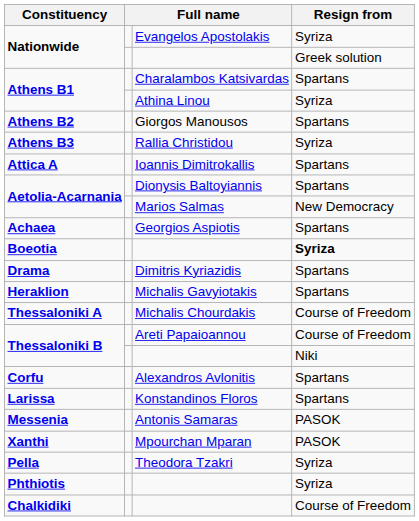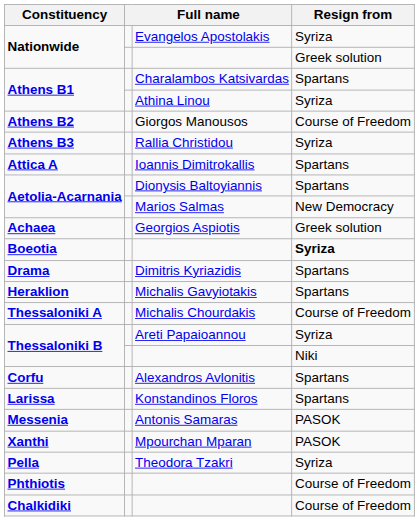 <table class="wikitable sortable">
 <tr>
 <th>Constituency</th>
 <th colspan="2">Full name</th>
 <th>Resign from</th>
 </tr>
 <tr>
 <td rowspan="2"><strong>Nationwide</strong></td>
 <td></td>
 <td><a href='#'>Evangelos Apostolakis</a></td>
 <td>Syriza</td>
 </tr>
 <tr>
 <td></td>
 <td></td>
 <td>Greek solution</td>
 </tr>
 <tr>
 <td rowspan="2"><strong><a href='#'>Athens B1</a></strong></td>
 <td></td>
 <td><a href='#'>Charalambos Katsivardas</a></td>
 <td>Spartans</td>
 </tr>
 <tr>
 <td></td>
 <td><a href='#'>Athina Linou</a></td>
 <td>Syriza</td>
 </tr>
 <tr>
 <td><strong><a href='#'>Athens B2</a></strong></td>
 <td></td>
 <td>Giorgos Manousos</td>
-<td>Spartans</td>
+<td>Course of Freedom</td>
 </tr>
 <tr>
 <td><strong><a href='#'>Athens B3</a></strong></td>
 <td></td>
 <td><a href='#'>Rallia Christidou</a>  </td>
 <td>Syriza</td>
 </tr>
 <tr>
 <td><a href='#'><strong>Attica A</strong></a></td>
 <td></td>
 <td><a href='#'>Ioannis Dimitrokallis</a></td>
 <td>Spartans</td>
 </tr>
 <tr>
 <td rowspan="2"><a href='#'><strong>Aetolia-Acarnania</strong></a></td>
 <td></td>
 <td><a href='#'>Dionysis Baltoyiannis</a></td>
 <td>Spartans</td>
 </tr>
 <tr>
 <td></td>
 <td><a href='#'>Marios Salmas</a></td>
 <td>New Democracy</td>
 </tr>
 <tr>
 <td><a href='#'><strong>Achaea</strong></a></td>
 <td></td>
 <td><a href='#'>Georgios Aspiotis</a></td>
-<td>Spartans</td>
+<td>Greek solution</td>
 </tr>
 <tr>
 <td><a href='#'><strong>Boeotia</strong></a></td>
 <td></td>
 <td>  </td>
 <td><strong>Syriza</strong></td>
 </tr>
 <tr>
 <td><a href='#'><strong>Drama</strong></a></td>
 <td></td>
 <td><a href='#'>Dimitris Kyriazidis</a></td>
 <td>Spartans</td>
 </tr>
 <tr>
 <td><a href='#'><strong>Heraklion</strong></a></td>
 <td></td>
 <td><a href='#'>Michalis Gavyiotakis</a></td>
 <td>Spartans</td>
 </tr>
 <tr>
 <td><strong><a href='#'>Thessaloniki A</a></strong></td>
 <td></td>
 <td><a href='#'>Michalis Chourdakis</a></td>
 <td>Course of Freedom</td>
 </tr>
 <tr>
 <td rowspan="2"><strong><a href='#'>Thessaloniki B</a></strong></td>
 <td></td>
 <td><a href='#'>Areti Papaioannou</a></td>
-<td>Course of Freedom</td>
+<td>Syriza</td>
 </tr>
 <tr>
 <td></td>
 <td></td>
 <td>Niki</td>
 </tr>
 <tr>
 <td><a href='#'><strong>Corfu</strong></a></td>
 <td></td>
 <td><a href='#'>Alexandros Avlonitis</a></td>
 <td>Spartans</td>
 </tr>
 <tr>
 <td><a href='#'><strong>Larissa</strong></a></td>
 <td></td>
 <td><a href='#'>Konstandinos Floros</a></td>
 <td>Spartans</td>
 </tr>
 <tr>
 <td><strong><a href='#'>Messenia</a></strong></td>
 <td></td>
 <td><a href='#'>Antonis Samaras</a></td>
 <td>PASOK</td>
 </tr>
 <tr>
 <td><strong><a href='#'>Xanthi</a></strong></td>
 <td></td>
 <td><a href='#'>Mpourchan Mparan</a></td>
 <td>PASOK</td>
 </tr>
 <tr>
 <td><strong><a href='#'>Pella</a></strong></td>
 <td width="1"></td>
 <td><a href='#'>Theodora Tzakri</a></td>
 <td>Syriza</td>
 </tr>
 <tr>
 <td><strong><a href='#'>Phthiotis</a></strong></td>
 <td width="1"></td>
 <td></td>
-<td>Syriza</td>
+<td>Course of Freedom</td>
 </tr>
 <tr>
 <td><strong><a href='#'>Chalkidiki</a></strong></td>
 <td width="1"></td>
 <td></td>
 <td>Course of Freedom</td>
 </tr>
 </table>
